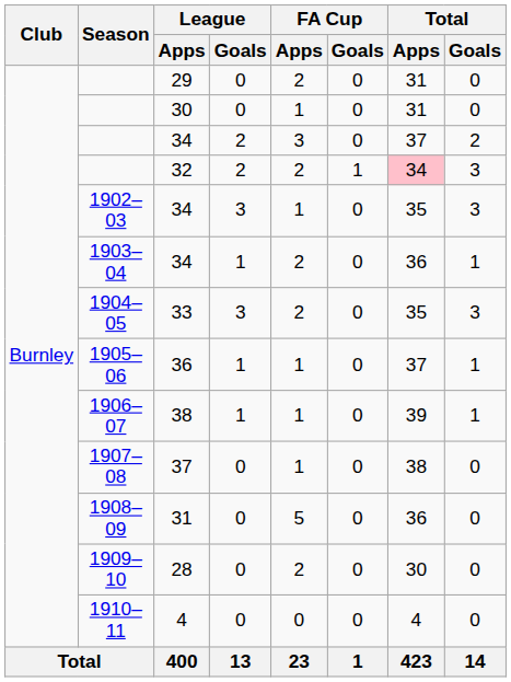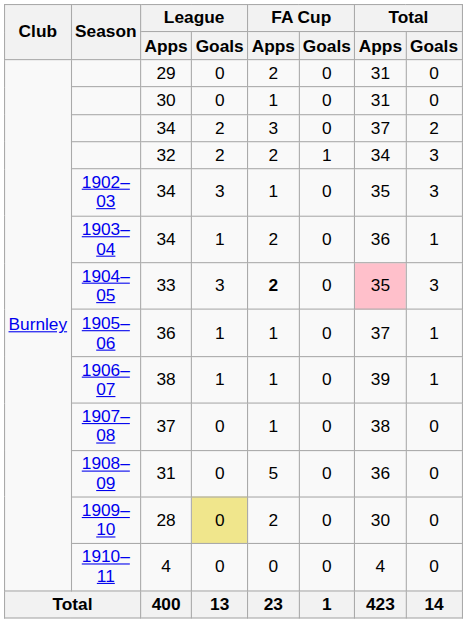 <table class="wikitable" style="width: 50%; text-align: center">
 <tr>
 <th rowspan="2" style="width: 15%">Club</th>
 <th rowspan="2">Season</th>
 <th colspan="2">League</th>
 <th colspan="2">FA Cup</th>
 <th colspan="2">Total</th>
 </tr>
 <tr>
 <th>Apps</th>
 <th>Goals</th>
 <th>Apps</th>
 <th>Goals</th>
 <th>Apps</th>
 <th>Goals</th>
 </tr>
 <tr>
 <td rowspan="13" valign="center"><a href='#'>Burnley</a></td>
 <td></td>
 <td>29</td>
 <td>0</td>
 <td>2</td>
 <td>0</td>
 <td>31</td>
 <td>0</td>
 </tr>
 <tr>
 <td></td>
 <td>30</td>
 <td>0</td>
 <td>1</td>
 <td>0</td>
 <td>31</td>
 <td>0</td>
 </tr>
 <tr>
 <td></td>
 <td>34</td>
 <td>2</td>
 <td>3</td>
 <td>0</td>
 <td>37</td>
 <td>2</td>
 </tr>
 <tr>
 <td></td>
 <td>32</td>
 <td>2</td>
 <td>2</td>
 <td>1</td>
-<td style="background: pink;">34</td>
+<td>34</td>
 <td>3</td>
 </tr>
 <tr>
 <td><a href='#'>1902–03</a></td>
 <td>34</td>
 <td>3</td>
 <td>1</td>
 <td>0</td>
 <td>35</td>
 <td>3</td>
 </tr>
 <tr>
 <td><a href='#'>1903–04</a></td>
 <td>34</td>
 <td>1</td>
 <td>2</td>
 <td>0</td>
 <td>36</td>
 <td>1</td>
 </tr>
 <tr>
 <td><a href='#'>1904–05</a></td>
 <td>33</td>
 <td>3</td>
-<td>2</td>
+<td><strong>2</strong></td>
 <td>0</td>
-<td>35</td>
+<td style="background: pink;">35</td>
 <td>3</td>
 </tr>
 <tr>
 <td><a href='#'>1905–06</a></td>
 <td>36</td>
 <td>1</td>
 <td>1</td>
 <td>0</td>
 <td>37</td>
 <td>1</td>
 </tr>
 <tr>
 <td><a href='#'>1906–07</a></td>
 <td>38</td>
 <td>1</td>
 <td>1</td>
 <td>0</td>
 <td>39</td>
 <td>1</td>
 </tr>
 <tr>
 <td><a href='#'>1907–08</a></td>
 <td>37</td>
 <td>0</td>
 <td>1</td>
 <td>0</td>
 <td>38</td>
 <td>0</td>
 </tr>
 <tr>
 <td><a href='#'>1908–09</a></td>
 <td>31</td>
 <td>0</td>
 <td>5</td>
 <td>0</td>
 <td>36</td>
 <td>0</td>
 </tr>
 <tr>
 <td><a href='#'>1909–10</a></td>
 <td>28</td>
-<td>0</td>
+<td style="background: khaki;">0</td>
 <td>2</td>
 <td>0</td>
 <td>30</td>
 <td>0</td>
 </tr>
 <tr>
 <td><a href='#'>1910–11</a></td>
 <td>4</td>
 <td>0</td>
 <td>0</td>
 <td>0</td>
 <td>4</td>
 <td>0</td>
 </tr>
 <tr>
 <th colspan="2">Total</th>
 <th>400</th>
 <th>13</th>
 <th>23</th>
 <th>1</th>
 <th>423</th>
 <th>14</th>
 </tr>
 </table>
